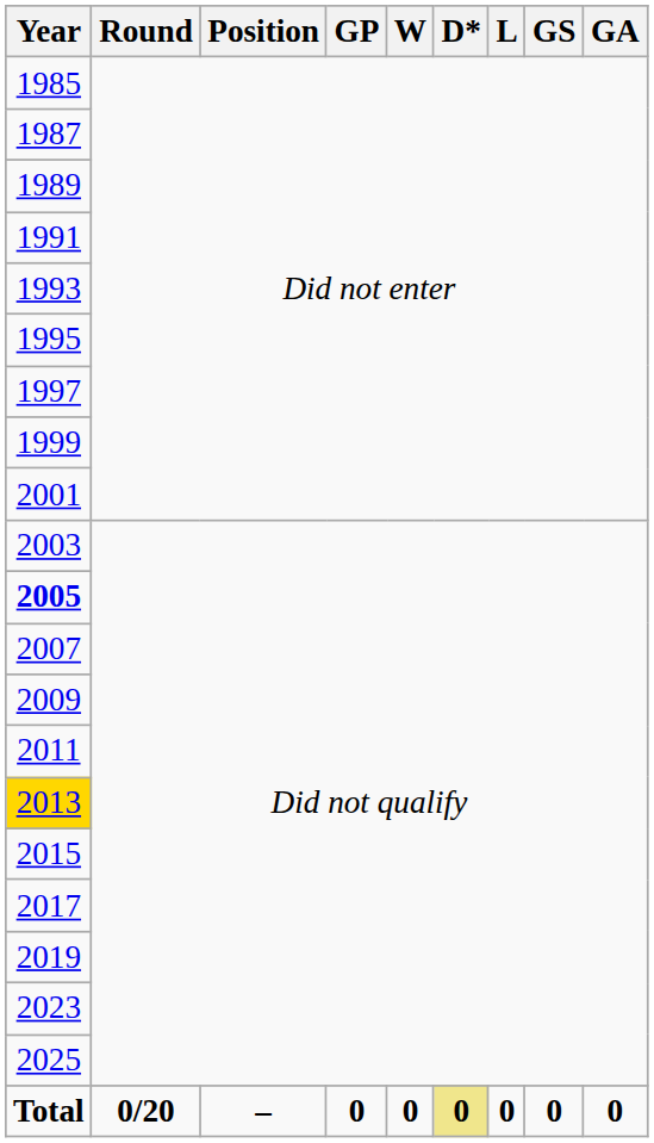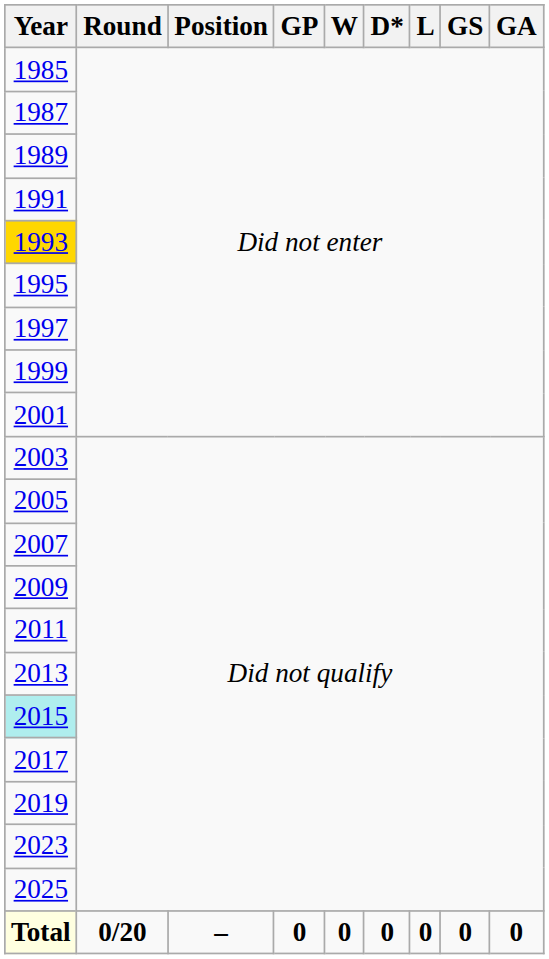 <table class="wikitable" style="text-align: center;">
 <tr>
 <th>Year</th>
 <th>Round</th>
 <th>Position</th>
 <th>GP</th>
 <th>W</th>
 <th>D*</th>
 <th>L</th>
 <th>GS</th>
 <th>GA</th>
 </tr>
 <tr>
 <td> <a href='#'>1985</a></td>
 <td colspan=8 rowspan="9"><em>Did not enter</em></td>
 </tr>
 <tr>
 <td> <a href='#'>1987</a></td>
 </tr>
 <tr>
 <td> <a href='#'>1989</a></td>
 </tr>
 <tr>
 <td> <a href='#'>1991</a></td>
 </tr>
 <tr>
-<td> <a href='#'>1993</a></td>
+<td style="background: gold;"> <a href='#'>1993</a></td>
 </tr>
 <tr>
 <td> <a href='#'>1995</a></td>
 </tr>
 <tr>
 <td> <a href='#'>1997</a></td>
 </tr>
 <tr>
 <td> <a href='#'>1999</a></td>
 </tr>
 <tr>
 <td> <a href='#'>2001</a></td>
 </tr>
 <tr>
 <td> <a href='#'>2003</a></td>
 <td colspan=8 rowspan="11"><em>Did not qualify</em></td>
 </tr>
 <tr>
-<td><strong> <a href='#'>2005</a></strong></td>
+<td> <a href='#'>2005</a></td>
 </tr>
 <tr>
 <td> <a href='#'>2007</a></td>
 </tr>
 <tr>
 <td> <a href='#'>2009</a></td>
 </tr>
 <tr>
 <td> <a href='#'>2011</a></td>
 </tr>
 <tr>
-<td style="background: gold;"> <a href='#'>2013</a></td>
+<td> <a href='#'>2013</a></td>
 </tr>
 <tr>
-<td> <a href='#'>2015</a></td>
+<td style="background: paleturquoise;"> <a href='#'>2015</a></td>
 </tr>
 <tr>
 <td> <a href='#'>2017</a></td>
 </tr>
 <tr>
 <td> <a href='#'>2019</a></td>
 </tr>
 <tr>
 <td> <a href='#'>2023</a></td>
 </tr>
 <tr>
 <td> <a href='#'>2025</a></td>
 </tr>
 <tr>
-<td><strong>Total</strong></td>
+<td style="background: lightyellow;"><strong>Total</strong></td>
 <td><strong>0/20</strong></td>
 <td><strong>–</strong></td>
 <td><strong>0</strong></td>
 <td><strong>0</strong></td>
-<td style="background: khaki;"><strong>0</strong></td>
+<td><strong>0</strong></td>
 <td><strong>0</strong></td>
 <td><strong>0</strong></td>
 <td><strong>0</strong></td>
 </tr>
 </table>
